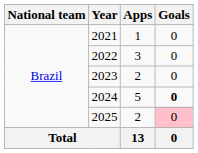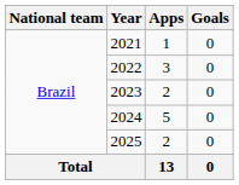 <table class="wikitable" style="text-align:center">
 <tr>
 <th>National team</th>
 <th>Year</th>
 <th>Apps</th>
 <th>Goals</th>
 </tr>
 <tr>
 <td rowspan=5><a href='#'>Brazil</a></td>
 <td>2021</td>
 <td>1</td>
 <td>0</td>
 </tr>
 <tr>
 <td>2022</td>
 <td>3</td>
 <td>0</td>
 </tr>
 <tr>
 <td>2023</td>
 <td>2</td>
 <td>0</td>
 </tr>
 <tr>
 <td>2024</td>
 <td>5</td>
-<td><strong>0</strong></td>
+<td>0</td>
 </tr>
 <tr>
 <td>2025</td>
 <td>2</td>
-<td style="background: pink;">0</td>
+<td>0</td>
 </tr>
 <tr>
 <th colspan=2>Total</th>
 <th>13</th>
 <th>0</th>
 </tr>
 </table>
